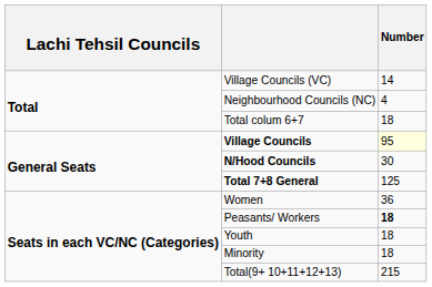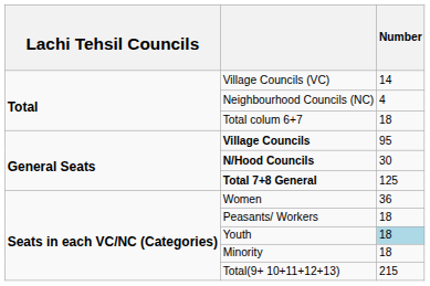 <table class="wikitable sortable mw-collapsible">
 <tr>
 <th><br><h2>Lachi Tehsil Councils</h2></th>
 <th></th>
 <th>Number</th>
 </tr>
 <tr>
 <td rowspan="3"><br><h3>Total</h3></td>
 <td>Village Councils (VC)</td>
 <td>14</td>
 </tr>
 <tr>
 <td>Neighbourhood Councils (NC)</td>
 <td>4</td>
 </tr>
 <tr>
 <td>Total colum 6+7</td>
 <td>18</td>
 </tr>
 <tr>
 <td rowspan="3"><br><h3>General Seats</h3></td>
 <td><strong>Village Councils</strong></td>
-<td style="background: lightyellow;">95</td>
+<td>95</td>
 </tr>
 <tr>
 <td><strong>N/Hood Councils</strong></td>
 <td>30</td>
 </tr>
 <tr>
 <td><strong>Total 7+8 General</strong></td>
 <td>125</td>
 </tr>
 <tr>
 <td rowspan="5"><br><h3>Seats in each VC/NC (Categories)</h3></td>
 <td>Women</td>
 <td>36</td>
 </tr>
 <tr>
 <td>Peasants/ Workers</td>
-<td><strong>18</strong></td>
+<td>18</td>
 </tr>
 <tr>
 <td>Youth</td>
-<td>18</td>
+<td style="background: lightblue;">18</td>
 </tr>
 <tr>
 <td>Minority</td>
 <td>18</td>
 </tr>
 <tr>
 <td>Total(9+ 10+11+12+13)</td>
 <td>215</td>
 </tr>
 </table>
